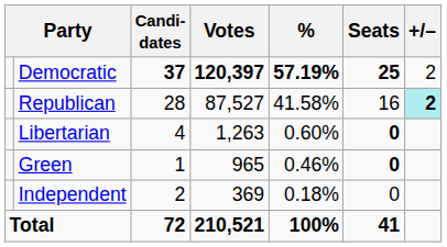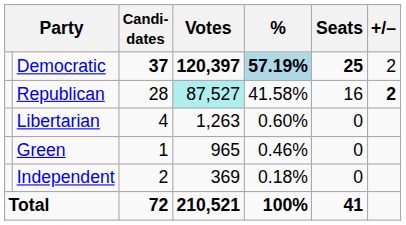 <table class="wikitable" style="font-size:100%; text-align:right;">
 <tr>
 <th colspan=2>Party</th>
 <th><small>Candi-<br>dates</small></th>
 <th>Votes</th>
 <th>%</th>
 <th>Seats</th>
 <th>+/–</th>
 </tr>
 <tr>
 <td style="background:"></td>
 <td align=left><a href='#'>Democratic</a></td>
 <td><strong>37</strong></td>
 <td><strong>120,397</strong></td>
-<td><strong>57.19%</strong></td>
+<td style="background: lightblue;"><strong>57.19%</strong></td>
 <td><strong>25</strong></td>
 <td>2</td>
 </tr>
 <tr>
 <td style="background:"></td>
 <td align=left><a href='#'>Republican</a></td>
 <td>28</td>
-<td>87,527</td>
+<td style="background: paleturquoise;">87,527</td>
 <td>41.58%</td>
 <td>16</td>
-<td style="background: paleturquoise;"><strong>2</strong></td>
+<td><strong>2</strong></td>
 </tr>
 <tr>
 <td style="background:"></td>
 <td align=left><a href='#'>Libertarian</a></td>
 <td>4</td>
 <td>1,263</td>
 <td>0.60%</td>
-<td><strong>0</strong></td>
+<td>0</td>
 <td></td>
 </tr>
 <tr>
 <td style="background:"></td>
 <td align=left><a href='#'>Green</a></td>
 <td>1</td>
 <td>965</td>
 <td>0.46%</td>
-<td><strong>0</strong></td>
+<td>0</td>
 <td></td>
 </tr>
 <tr>
 <td style="background:"></td>
 <td align=left><a href='#'>Independent</a></td>
 <td>2</td>
 <td>369</td>
 <td>0.18%</td>
 <td>0</td>
 <td></td>
 </tr>
 <tr style="font-weight:bold">
 <td colspan=2 align=left>Total</td>
 <td>72</td>
 <td>210,521</td>
 <td>100%</td>
 <td>41</td>
 <td></td>
 </tr>
 </table>
